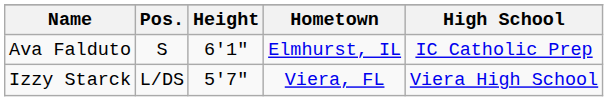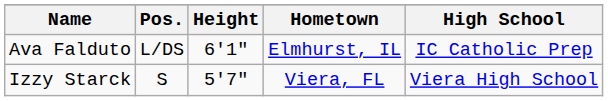 <table class="wikitable sortable collapsible">
 <tr>
 </tr>
 <tr>
 <th style="text-align:center; ">Name</th>
 <th style="text-align:center; ">Pos.</th>
 <th style="text-align:center; ">Height</th>
 <th style="text-align:center; ">Hometown</th>
 <th style="text-align:center; ">High School</th>
 </tr>
 <tr align="center">
 <td>Ava Falduto</td>
-<td>S</td>
+<td>L/DS</td>
 <td>6'1"</td>
 <td><a href='#'>Elmhurst, IL</a></td>
 <td><a href='#'>IC Catholic Prep</a></td>
 </tr>
 <tr align="center">
 <td>Izzy Starck</td>
-<td>L/DS</td>
+<td>S</td>
 <td>5'7"</td>
 <td><a href='#'>Viera, FL</a></td>
 <td><a href='#'>Viera High School</a></td>
 </tr>
 </table>
